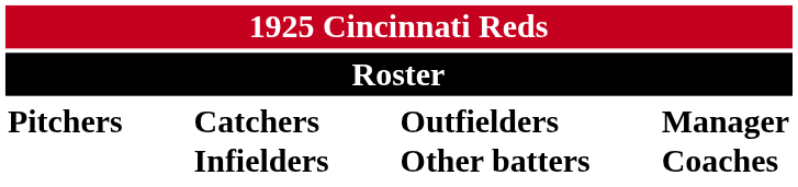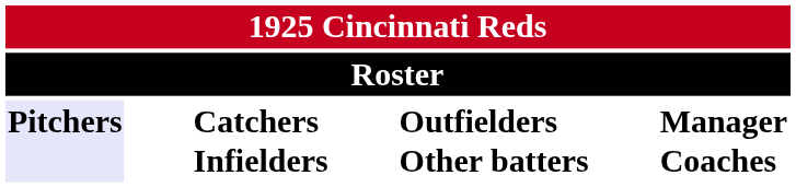 <table class="toccolours" style="font-size: 95%;">
 <tr>
 <th colspan="10" style="background-color: #c6011f; color: white; text-align: center;">1925 Cincinnati Reds</th>
 </tr>
 <tr>
 <td colspan="10" style="background-color: black; color: white; text-align: center;"><strong>Roster</strong></td>
 </tr>
 <tr>
-<td valign="top"><strong>Pitchers</strong><br>          </td>
+<td valign="top" style="background: lavender;"><strong>Pitchers</strong><br>          </td>
 <td width="25px"></td>
 <td valign="top"><strong>Catchers</strong><br>      <strong>Infielders</strong>         </td>
 <td width="25px"></td>
 <td valign="top"><strong>Outfielders</strong><br>       <strong>Other batters</strong> </td>
 <td width="25px"></td>
 <td valign="top"><strong>Manager</strong><br> <strong>Coaches</strong> </td>
 </tr>
 </table>
